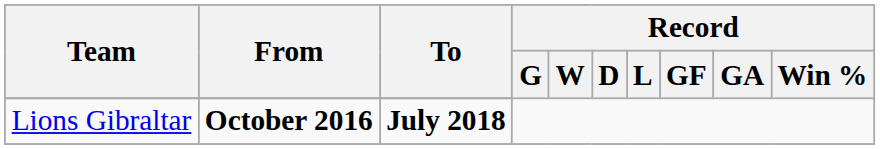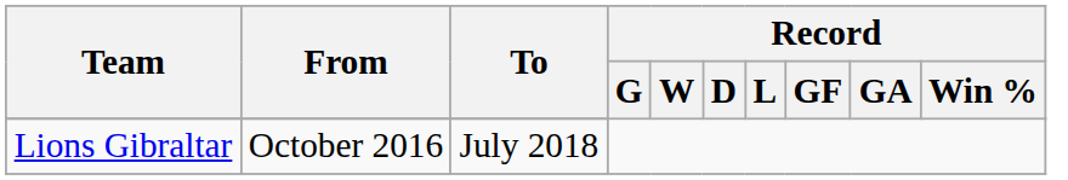 <table class="wikitable" style="text-align: center">
 <tr>
 <th rowspan="2">Team</th>
 <th rowspan="2">From</th>
 <th rowspan="2">To</th>
 <th colspan="7">Record</th>
 </tr>
 <tr>
 <th>G</th>
 <th>W</th>
 <th>D</th>
 <th>L</th>
 <th>GF</th>
 <th>GA</th>
 <th>Win %</th>
 </tr>
 <tr>
 </tr>
 <tr>
 <td><a href='#'>Lions Gibraltar</a></td>
-<td><strong>October 2016</strong></td>
-<td><strong>July 2018<br></strong></td>
+<td>October 2016</td>
+<td>July 2018<br></td>
 </tr>
 </table>
